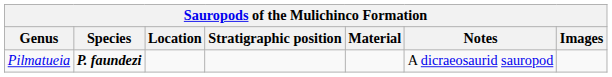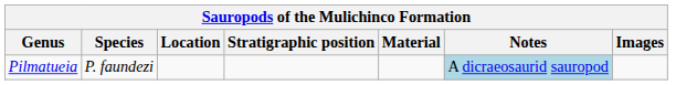 <table class="wikitable" align="center">
 <tr>
 <th colspan="7" align="center"><a href='#'>Sauropods</a> of the Mulichinco Formation</th>
 </tr>
 <tr>
 <th>Genus</th>
 <th>Species</th>
 <th>Location</th>
 <th>Stratigraphic position</th>
 <th>Material</th>
 <th>Notes</th>
 <th>Images</th>
 </tr>
 <tr>
 <td><em><a href='#'>Pilmatueia</a></em></td>
-<td><strong><em>P. faundezi</em></strong></td>
+<td><em>P. faundezi</em></td>
 <td></td>
 <td></td>
 <td></td>
-<td>A <a href='#'>dicraeosaurid</a> <a href='#'>sauropod</a></td>
+<td style="background: lightblue;">A <a href='#'>dicraeosaurid</a> <a href='#'>sauropod</a></td>
 <td></td>
 </tr>
 </table>
